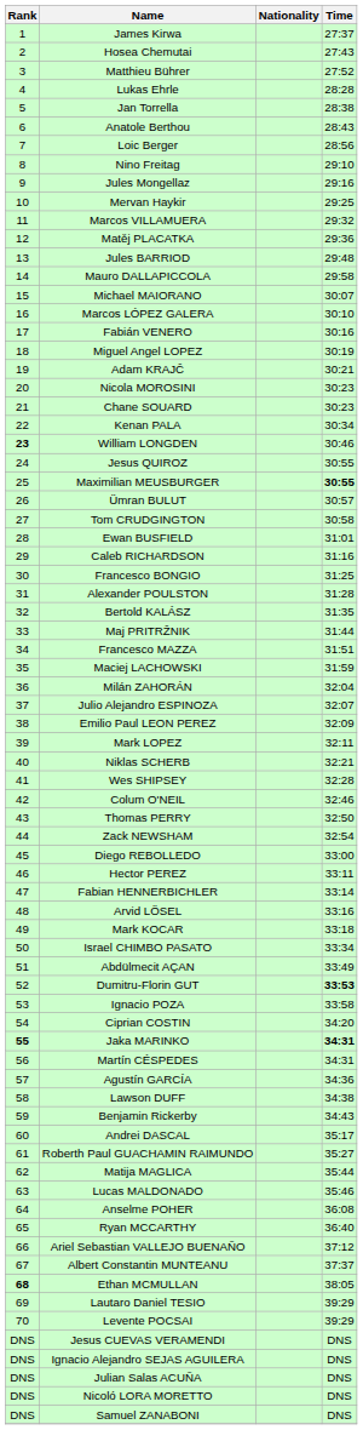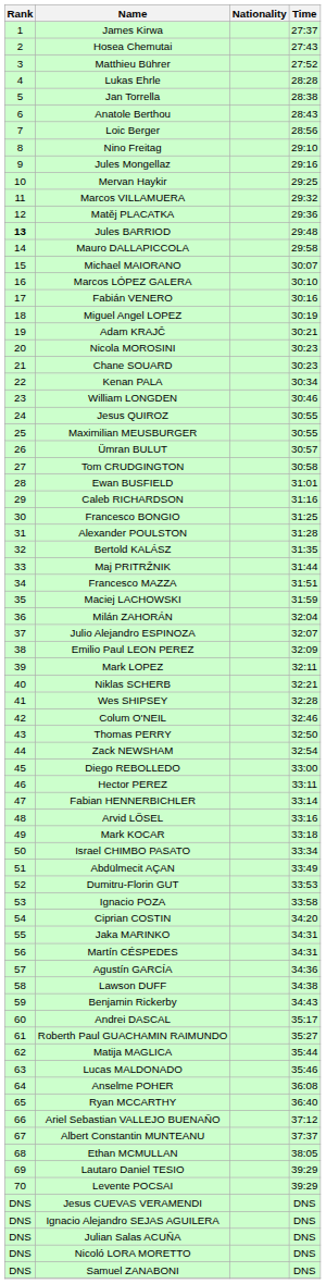 <table class="wikitable sortable" style="text-align:center;font-size:95%">
 <tr>
 <th>Rank</th>
 <th>Name</th>
 <th>Nationality</th>
 <th>Time</th>
 </tr>
 <tr bgcolor="ccffcc">
 <td>1</td>
 <td>James Kirwa</td>
 <td></td>
 <td>27:37</td>
 </tr>
 <tr bgcolor=ccffcc>
 <td>2</td>
 <td>Hosea Chemutai</td>
 <td></td>
 <td>27:43</td>
 </tr>
 <tr bgcolor=ccffcc>
 <td>3</td>
 <td>Matthieu Bührer</td>
 <td></td>
 <td>27:52</td>
 </tr>
 <tr bgcolor=ccffcc>
 <td>4</td>
 <td>Lukas Ehrle</td>
 <td></td>
 <td>28:28</td>
 </tr>
 <tr bgcolor=ccffcc>
 <td>5</td>
 <td>Jan Torrella</td>
 <td></td>
 <td>28:38</td>
 </tr>
 <tr bgcolor=ccffcc>
 <td>6</td>
 <td>Anatole Berthou</td>
 <td></td>
 <td>28:43</td>
 </tr>
 <tr bgcolor=ccffcc>
 <td>7</td>
 <td>Loic Berger</td>
 <td></td>
 <td>28:56</td>
 </tr>
 <tr bgcolor=ccffcc>
 <td>8</td>
 <td>Nino Freitag</td>
 <td></td>
 <td>29:10</td>
 </tr>
 <tr bgcolor=ccffcc>
 <td>9</td>
 <td>Jules Mongellaz</td>
 <td></td>
 <td>29:16</td>
 </tr>
 <tr bgcolor=ccffcc>
 <td>10</td>
 <td>Mervan Haykir</td>
 <td></td>
 <td>29:25</td>
 </tr>
 <tr bgcolor=ccffcc>
 <td>11</td>
 <td>Marcos VILLAMUERA</td>
 <td></td>
 <td>29:32</td>
 </tr>
 <tr bgcolor=ccffcc>
 <td>12</td>
 <td>Matěj PLACATKA</td>
 <td></td>
 <td>29:36</td>
 </tr>
 <tr bgcolor=ccffcc>
-<td>13</td>
+<td><strong>13</strong></td>
 <td>Jules BARRIOD</td>
 <td></td>
 <td>29:48</td>
 </tr>
 <tr bgcolor=ccffcc>
 <td>14</td>
 <td>Mauro DALLAPICCOLA</td>
 <td></td>
 <td>29:58</td>
 </tr>
 <tr bgcolor=ccffcc>
 <td>15</td>
 <td>Michael MAIORANO</td>
 <td></td>
 <td>30:07</td>
 </tr>
 <tr bgcolor=ccffcc>
 <td>16</td>
 <td>Marcos LÓPEZ GALERA</td>
 <td></td>
 <td>30:10</td>
 </tr>
 <tr bgcolor=ccffcc>
 <td>17</td>
 <td>Fabián VENERO</td>
 <td></td>
 <td>30:16</td>
 </tr>
 <tr bgcolor=ccffcc>
 <td>18</td>
 <td>Miguel Angel LOPEZ</td>
 <td></td>
 <td>30:19</td>
 </tr>
 <tr bgcolor=ccffcc>
 <td>19</td>
 <td>Adam KRAJČ</td>
 <td></td>
 <td>30:21</td>
 </tr>
 <tr bgcolor=ccffcc>
 <td>20</td>
 <td>Nicola MOROSINI</td>
 <td></td>
 <td>30:23</td>
 </tr>
 <tr bgcolor=ccffcc>
 <td>21</td>
 <td>Chane SOUARD</td>
 <td></td>
 <td>30:23</td>
 </tr>
 <tr bgcolor=ccffcc>
 <td>22</td>
 <td>Kenan PALA</td>
 <td></td>
 <td>30:34</td>
 </tr>
 <tr bgcolor=ccffcc>
-<td><strong>23</strong></td>
+<td>23</td>
 <td>William LONGDEN</td>
 <td></td>
 <td>30:46</td>
 </tr>
 <tr bgcolor=ccffcc>
 <td>24</td>
 <td>Jesus QUIROZ</td>
 <td></td>
 <td>30:55</td>
 </tr>
 <tr bgcolor=ccffcc>
 <td>25</td>
 <td>Maximilian MEUSBURGER</td>
 <td></td>
-<td><strong>30:55</strong></td>
+<td>30:55</td>
 </tr>
 <tr bgcolor=ccffcc>
 <td>26</td>
 <td>Ümran BULUT</td>
 <td></td>
 <td>30:57</td>
 </tr>
 <tr bgcolor=ccffcc>
 <td>27</td>
 <td>Tom CRUDGINGTON</td>
 <td></td>
 <td>30:58</td>
 </tr>
 <tr bgcolor=ccffcc>
 <td>28</td>
 <td>Ewan BUSFIELD</td>
 <td></td>
 <td>31:01</td>
 </tr>
 <tr bgcolor=ccffcc>
 <td>29</td>
 <td>Caleb RICHARDSON</td>
 <td></td>
 <td>31:16</td>
 </tr>
 <tr bgcolor=ccffcc>
 <td>30</td>
 <td>Francesco BONGIO</td>
 <td></td>
 <td>31:25</td>
 </tr>
 <tr bgcolor=ccffcc>
 <td>31</td>
 <td>Alexander POULSTON</td>
 <td></td>
 <td>31:28</td>
 </tr>
 <tr bgcolor=ccffcc>
 <td>32</td>
 <td>Bertold KALÁSZ</td>
 <td></td>
 <td>31:35</td>
 </tr>
 <tr bgcolor=ccffcc>
 <td>33</td>
 <td>Maj PRITRŽNIK</td>
 <td></td>
 <td>31:44</td>
 </tr>
 <tr bgcolor=ccffcc>
 <td>34</td>
 <td>Francesco MAZZA</td>
 <td></td>
 <td>31:51</td>
 </tr>
 <tr bgcolor=ccffcc>
 <td>35</td>
 <td>Maciej LACHOWSKI</td>
 <td></td>
 <td>31:59</td>
 </tr>
 <tr bgcolor=ccffcc>
 <td>36</td>
 <td>Milán ZAHORÁN</td>
 <td></td>
 <td>32:04</td>
 </tr>
 <tr bgcolor=ccffcc>
 <td>37</td>
 <td>Julio Alejandro ESPINOZA</td>
 <td></td>
 <td>32:07</td>
 </tr>
 <tr bgcolor=ccffcc>
 <td>38</td>
 <td>Emilio Paul LEON PEREZ</td>
 <td></td>
 <td>32:09</td>
 </tr>
 <tr bgcolor=ccffcc>
 <td>39</td>
 <td>Mark LOPEZ</td>
 <td></td>
 <td>32:11</td>
 </tr>
 <tr bgcolor=ccffcc>
 <td>40</td>
 <td>Niklas SCHERB</td>
 <td></td>
 <td>32:21</td>
 </tr>
 <tr bgcolor=ccffcc>
 <td>41</td>
 <td>Wes SHIPSEY</td>
 <td></td>
 <td>32:28</td>
 </tr>
 <tr bgcolor=ccffcc>
 <td>42</td>
 <td>Colum O'NEIL</td>
 <td></td>
 <td>32:46</td>
 </tr>
 <tr bgcolor=ccffcc>
 <td>43</td>
 <td>Thomas PERRY</td>
 <td></td>
 <td>32:50</td>
 </tr>
 <tr bgcolor=ccffcc>
 <td>44</td>
 <td>Zack NEWSHAM</td>
 <td></td>
 <td>32:54</td>
 </tr>
 <tr bgcolor=ccffcc>
 <td>45</td>
 <td>Diego REBOLLEDO</td>
 <td></td>
 <td>33:00</td>
 </tr>
 <tr bgcolor=ccffcc>
 <td>46</td>
 <td>Hector PEREZ</td>
 <td></td>
 <td>33:11</td>
 </tr>
 <tr bgcolor=ccffcc>
 <td>47</td>
 <td>Fabian HENNERBICHLER</td>
 <td></td>
 <td>33:14</td>
 </tr>
 <tr bgcolor=ccffcc>
 <td>48</td>
 <td>Arvid LÖSEL</td>
 <td></td>
 <td>33:16</td>
 </tr>
 <tr bgcolor=ccffcc>
 <td>49</td>
 <td>Mark KOCAR</td>
 <td></td>
 <td>33:18</td>
 </tr>
 <tr bgcolor=ccffcc>
 <td>50</td>
 <td>Israel CHIMBO PASATO</td>
 <td></td>
 <td>33:34</td>
 </tr>
 <tr bgcolor=ccffcc>
 <td>51</td>
 <td>Abdülmecit AÇAN</td>
 <td></td>
 <td>33:49</td>
 </tr>
 <tr bgcolor=ccffcc>
 <td>52</td>
 <td>Dumitru-Florin GUT</td>
 <td></td>
-<td><strong>33:53</strong></td>
+<td>33:53</td>
 </tr>
 <tr bgcolor=ccffcc>
 <td>53</td>
 <td>Ignacio POZA</td>
 <td></td>
 <td>33:58</td>
 </tr>
 <tr bgcolor=ccffcc>
 <td>54</td>
 <td>Ciprian COSTIN</td>
 <td></td>
 <td>34:20</td>
 </tr>
 <tr bgcolor=ccffcc>
-<td><strong>55</strong></td>
+<td>55</td>
 <td>Jaka MARINKO</td>
 <td></td>
-<td><strong>34:31</strong></td>
+<td>34:31</td>
 </tr>
 <tr bgcolor=ccffcc>
 <td>56</td>
 <td>Martín CÉSPEDES</td>
 <td></td>
 <td>34:31</td>
 </tr>
 <tr bgcolor=ccffcc>
 <td>57</td>
 <td>Agustín GARCÍA</td>
 <td></td>
 <td>34:36</td>
 </tr>
 <tr bgcolor=ccffcc>
 <td>58</td>
 <td>Lawson DUFF</td>
 <td></td>
 <td>34:38</td>
 </tr>
 <tr bgcolor=ccffcc>
 <td>59</td>
 <td>Benjamin Rickerby</td>
 <td></td>
 <td>34:43</td>
 </tr>
 <tr bgcolor=ccffcc>
 <td>60</td>
 <td>Andrei DASCAL</td>
 <td></td>
 <td>35:17</td>
 </tr>
 <tr bgcolor=ccffcc>
 <td>61</td>
 <td>Roberth Paul GUACHAMIN RAIMUNDO</td>
 <td></td>
 <td>35:27</td>
 </tr>
 <tr bgcolor=ccffcc>
 <td>62</td>
 <td>Matija MAGLICA</td>
 <td></td>
 <td>35:44</td>
 </tr>
 <tr bgcolor=ccffcc>
 <td>63</td>
 <td>Lucas MALDONADO</td>
 <td></td>
 <td>35:46</td>
 </tr>
 <tr bgcolor=ccffcc>
 <td>64</td>
 <td>Anselme POHER</td>
 <td></td>
 <td>36:08</td>
 </tr>
 <tr bgcolor=ccffcc>
 <td>65</td>
 <td>Ryan MCCARTHY</td>
 <td></td>
 <td>36:40</td>
 </tr>
 <tr bgcolor=ccffcc>
 <td>66</td>
 <td>Ariel Sebastian VALLEJO BUENAÑO</td>
 <td></td>
 <td>37:12</td>
 </tr>
 <tr bgcolor=ccffcc>
 <td>67</td>
 <td>Albert Constantin MUNTEANU</td>
 <td></td>
 <td>37:37</td>
 </tr>
 <tr bgcolor=ccffcc>
-<td><strong>68</strong></td>
+<td>68</td>
 <td>Ethan MCMULLAN</td>
 <td></td>
 <td>38:05</td>
 </tr>
 <tr bgcolor=ccffcc>
 <td>69</td>
 <td>Lautaro Daniel TESIO</td>
 <td></td>
 <td>39:29</td>
 </tr>
 <tr bgcolor=ccffcc>
 <td>70</td>
 <td>Levente POCSAI</td>
 <td></td>
 <td>39:29</td>
 </tr>
 <tr bgcolor=ccffcc>
 <td>DNS</td>
 <td>Jesus CUEVAS VERAMENDI</td>
 <td></td>
 <td>DNS</td>
 </tr>
 <tr bgcolor=ccffcc>
 <td>DNS</td>
 <td>Ignacio Alejandro SEJAS AGUILERA</td>
 <td></td>
 <td>DNS</td>
 </tr>
 <tr bgcolor=ccffcc>
 <td>DNS</td>
 <td>Julian Salas ACUÑA</td>
 <td></td>
 <td>DNS</td>
 </tr>
 <tr bgcolor=ccffcc>
 <td>DNS</td>
 <td>Nicoló LORA MORETTO</td>
 <td></td>
 <td>DNS</td>
 </tr>
 <tr bgcolor=ccffcc>
 <td>DNS</td>
 <td>Samuel ZANABONI</td>
 <td></td>
 <td>DNS</td>
 </tr>
 <tr bgcolor=ccffcc>
 </tr>
 </table>
